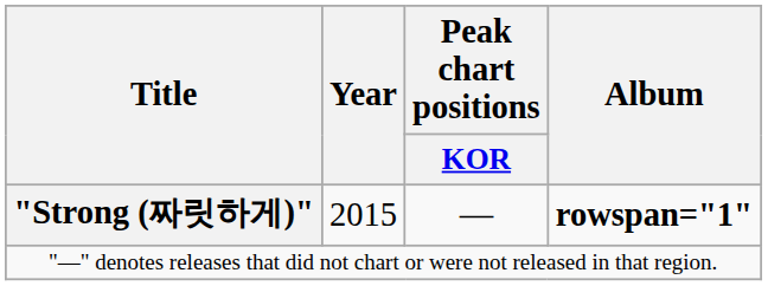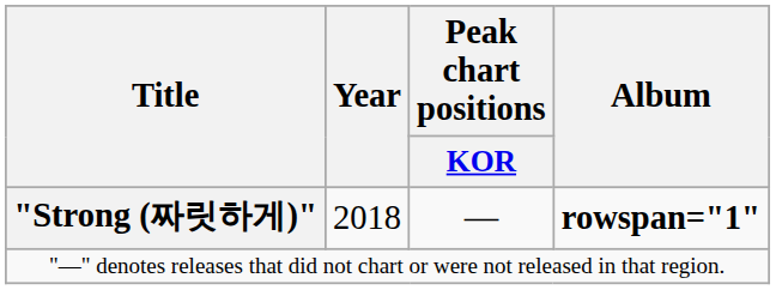 <table class="wikitable plainrowheaders" style="text-align:center">
 <tr>
 <th scope="col" rowspan="2">Title</th>
 <th scope="col" rowspan="2">Year</th>
 <th scope="col" colspan="1">Peak chart <br>positions</th>
 <th scope="col" rowspan="2">Album</th>
 </tr>
 <tr>
 <th scope="col" style="width:3em;font-size:90%;"><a href='#'>KOR</a><br></th>
 </tr>
 <tr>
 <th scope="row">"Strong (짜릿하게)"</th>
-<td rowspan="1">2015</td>
+<td rowspan="1">2018</td>
 <td>—</td>
 <td><strong>rowspan="1" </strong></td>
 </tr>
 <tr>
 <td colspan="4" style="font-size:8pt">"—" denotes releases that did not chart or were not released in that region.</td>
 </tr>
 </table>
